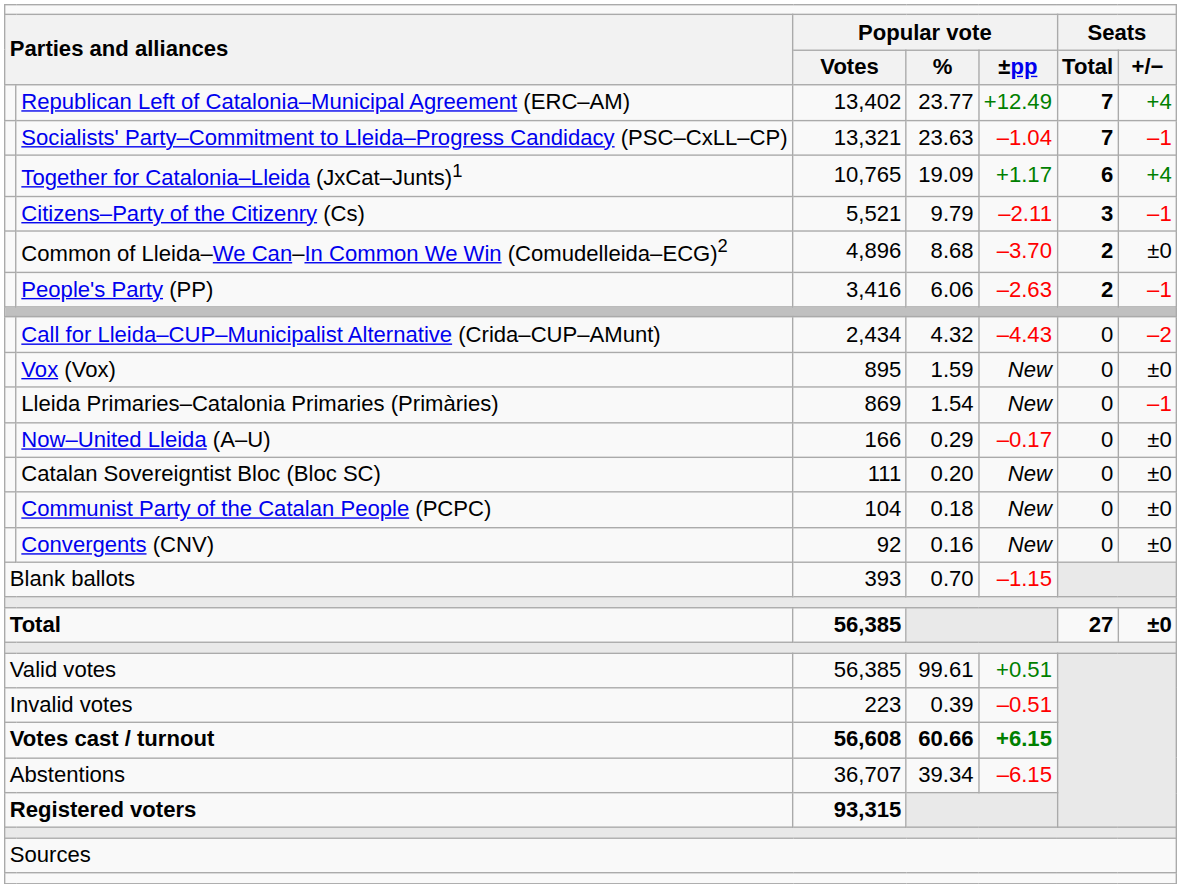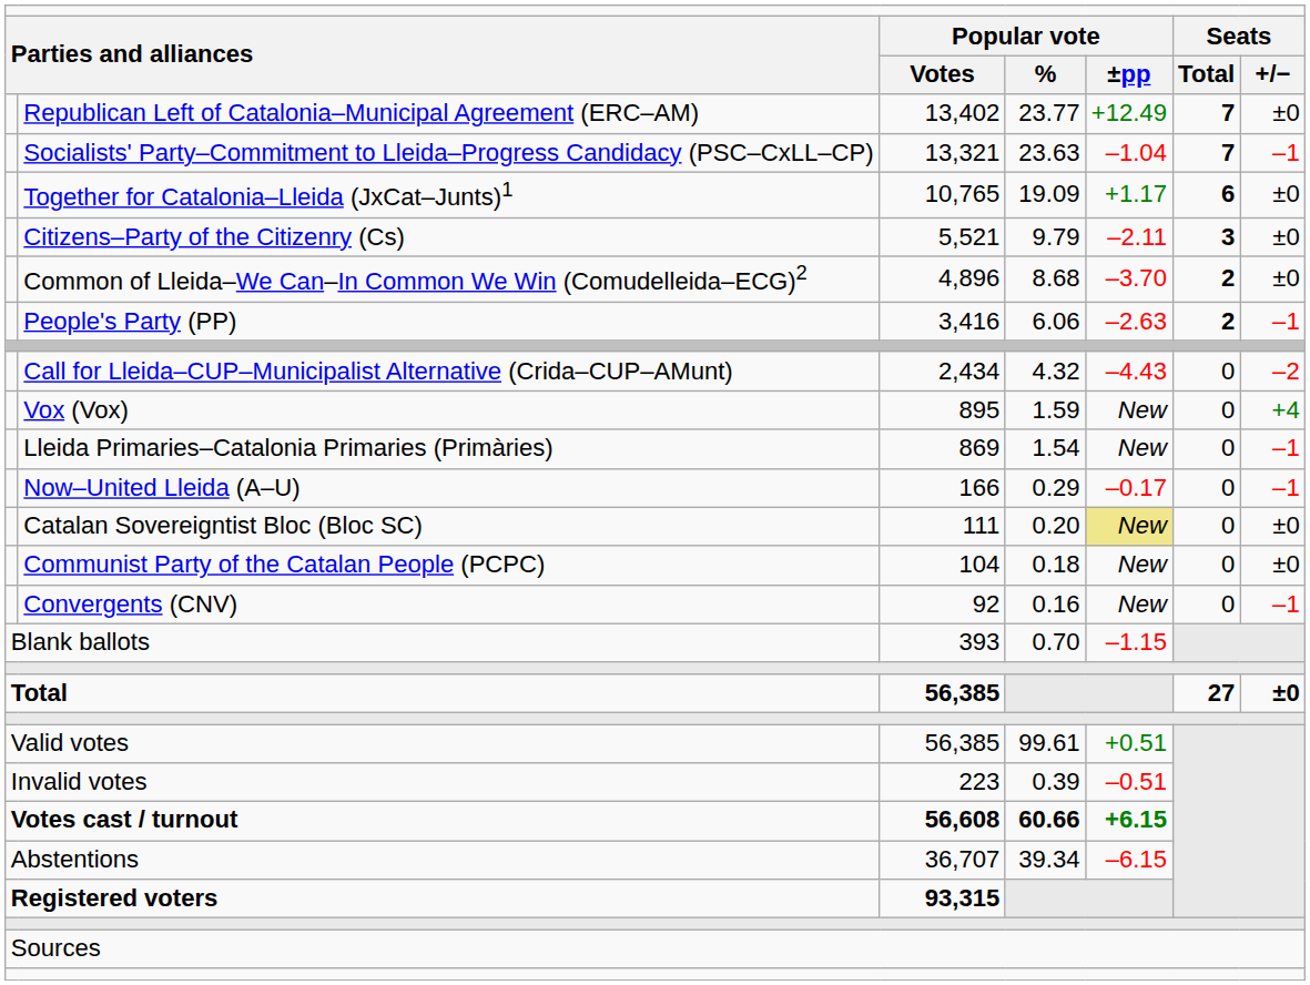 <table class="wikitable" style="text-align:right;">
 <tr>
 <td colspan="7"></td>
 </tr>
 <tr>
 <th style="text-align:left;" rowspan="2" colspan="2" width="525">Parties and alliances</th>
 <th colspan="3">Popular vote</th>
 <th colspan="2">Seats</th>
 </tr>
 <tr>
 <th width="75">Votes</th>
 <th width="45">%</th>
 <th width="45">±<a href='#'>pp</a></th>
 <th width="35">Total</th>
 <th width="35">+/−</th>
 </tr>
 <tr>
 <td width="1" style="color:inherit;background:"></td>
 <td align="left"><a href='#'>Republican Left of Catalonia–Municipal Agreement</a> (ERC–AM)</td>
 <td>13,402</td>
 <td>23.77</td>
 <td style="color:green;">+12.49</td>
 <td><strong>7</strong></td>
-<td style="color:green;">+4</td>
+<td>±0</td>
 </tr>
 <tr>
 <td style="color:inherit;background:"></td>
 <td align="left"><a href='#'>Socialists' Party–Commitment to Lleida–Progress Candidacy</a> (PSC–CxLL–CP)</td>
 <td>13,321</td>
 <td>23.63</td>
 <td style="color:red;">–1.04</td>
 <td><strong>7</strong></td>
 <td style="color:red;">–1</td>
 </tr>
 <tr>
 <td style="color:inherit;background:"></td>
 <td align="left"><a href='#'>Together for Catalonia–Lleida</a> (JxCat–Junts)<sup>1</sup></td>
 <td>10,765</td>
 <td>19.09</td>
 <td style="color:green;">+1.17</td>
 <td><strong>6</strong></td>
-<td style="color:green;">+4</td>
+<td>±0</td>
 </tr>
 <tr>
 <td style="color:inherit;background:"></td>
 <td align="left"><a href='#'>Citizens–Party of the Citizenry</a> (Cs)</td>
 <td>5,521</td>
 <td>9.79</td>
 <td style="color:red;">–2.11</td>
 <td><strong>3</strong></td>
-<td style="color:red;">–1</td>
+<td>±0</td>
 </tr>
 <tr>
 <td style="color:inherit;background:"></td>
 <td align="left">Common of Lleida–<a href='#'>We Can</a>–<a href='#'>In Common We Win</a> (Comudelleida–ECG)<sup>2</sup></td>
 <td>4,896</td>
 <td>8.68</td>
 <td style="color:red;">–3.70</td>
 <td><strong>2</strong></td>
 <td>±0</td>
 </tr>
 <tr>
 <td style="color:inherit;background:"></td>
 <td align="left"><a href='#'>People's Party</a> (PP)</td>
 <td>3,416</td>
 <td>6.06</td>
 <td style="color:red;">–2.63</td>
 <td><strong>2</strong></td>
 <td style="color:red;">–1</td>
 </tr>
 <tr>
 <td colspan="7" bgcolor="#C0C0C0"></td>
 </tr>
 <tr>
 <td style="color:inherit;background:"></td>
 <td align="left"><a href='#'>Call for Lleida–CUP–Municipalist Alternative</a> (Crida–CUP–AMunt)</td>
 <td>2,434</td>
 <td>4.32</td>
 <td style="color:red;">–4.43</td>
 <td>0</td>
 <td style="color:red;">–2</td>
 </tr>
 <tr>
 <td style="color:inherit;background:"></td>
 <td align="left"><a href='#'>Vox</a> (Vox)</td>
 <td>895</td>
 <td>1.59</td>
 <td><em>New</em></td>
 <td>0</td>
-<td>±0</td>
+<td style="color:green;">+4</td>
 </tr>
 <tr>
 <td style="color:inherit;background:"></td>
 <td align="left">Lleida Primaries–Catalonia Primaries (Primàries)</td>
 <td>869</td>
 <td>1.54</td>
 <td><em>New</em></td>
 <td>0</td>
 <td style="color:red;">–1</td>
 </tr>
 <tr>
 <td style="color:inherit;background:"></td>
 <td align="left"><a href='#'>Now–United Lleida</a> (A–U)</td>
 <td>166</td>
 <td>0.29</td>
 <td style="color:red;">–0.17</td>
 <td>0</td>
-<td>±0</td>
+<td style="color:red;">–1</td>
 </tr>
 <tr>
 <td style="color:inherit;background:"></td>
 <td align="left">Catalan Sovereigntist Bloc (Bloc SC)</td>
 <td>111</td>
 <td>0.20</td>
-<td><em>New</em></td>
+<td style="background: khaki;"><em>New</em></td>
 <td>0</td>
 <td>±0</td>
 </tr>
 <tr>
 <td style="color:inherit;background:"></td>
 <td align="left"><a href='#'>Communist Party of the Catalan People</a> (PCPC)</td>
 <td>104</td>
 <td>0.18</td>
 <td><em>New</em></td>
 <td>0</td>
 <td>±0</td>
 </tr>
 <tr>
 <td style="color:inherit;background:"></td>
 <td align="left"><a href='#'>Convergents</a> (CNV)</td>
 <td>92</td>
 <td>0.16</td>
 <td><em>New</em></td>
 <td>0</td>
-<td>±0</td>
+<td style="color:red;">–1</td>
 </tr>
 <tr>
 <td align="left" colspan="2">Blank ballots</td>
 <td>393</td>
 <td>0.70</td>
 <td style="color:red;">–1.15</td>
 <td bgcolor="#E9E9E9" colspan="2"></td>
 </tr>
 <tr>
 <td colspan="7" bgcolor="#E9E9E9"></td>
 </tr>
 <tr style="font-weight:bold;">
 <td align="left" colspan="2">Total</td>
 <td>56,385</td>
 <td bgcolor="#E9E9E9" colspan="2"></td>
 <td>27</td>
 <td>±0</td>
 </tr>
 <tr>
 <td colspan="7" bgcolor="#E9E9E9"></td>
 </tr>
 <tr>
 <td align="left" colspan="2">Valid votes</td>
 <td>56,385</td>
 <td>99.61</td>
 <td style="color:green;">+0.51</td>
 <td bgcolor="#E9E9E9" colspan="2" rowspan="5"></td>
 </tr>
 <tr>
 <td align="left" colspan="2">Invalid votes</td>
 <td>223</td>
 <td>0.39</td>
 <td style="color:red;">–0.51</td>
 </tr>
 <tr style="font-weight:bold;">
 <td align="left" colspan="2">Votes cast / turnout</td>
 <td>56,608</td>
 <td>60.66</td>
 <td style="color:green;">+6.15</td>
 </tr>
 <tr>
 <td align="left" colspan="2">Abstentions</td>
 <td>36,707</td>
 <td>39.34</td>
 <td style="color:red;">–6.15</td>
 </tr>
 <tr style="font-weight:bold;">
 <td align="left" colspan="2">Registered voters</td>
 <td>93,315</td>
 <td bgcolor="#E9E9E9" colspan="2"></td>
 </tr>
 <tr>
 <td colspan="7" bgcolor="#E9E9E9"></td>
 </tr>
 <tr>
 <td align="left" colspan="7">Sources</td>
 </tr>
 <tr>
 <td colspan="7" style="text-align:left; max-width:790px;"></td>
 </tr>
 </table>
